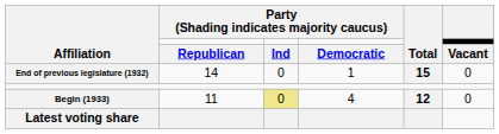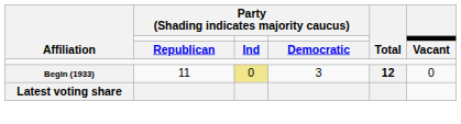 <table class=wikitable style="text-align:center; width:50%">
 <tr style="vertical-align:bottom;">
 <th rowspan=3>Affiliation</th>
 <th colspan=3>Party <div>(Shading indicates majority caucus)</div></th>
 <th rowspan=3>Total</th>
 <th></th>
 </tr>
 <tr style="height:5px">
 <td style="background-color:"></td>
 <td style="background-color:"></td>
 <td style="background-color:"></td>
 <td style="background-color:black"></td>
 </tr>
 <tr>
 <th><a href='#'>Republican</a></th>
 <th><a href='#'>Ind</a></th>
 <th><a href='#'>Democratic</a></th>
 <th>Vacant</th>
 </tr>
 <tr>
-<th nowrap style="font-size:67%">End of previous legislature (1932)</th>
-<td>14</td>
-<td>0</td>
-<td>1</td>
-<th>15</th>
-<td>0</td>
-</tr>
-<tr>
 <td colspan=6></td>
 </tr>
 <tr>
 <th nowrap style="font-size:74%">Begin (1933)</th>
 <td>11</td>
 <td style="background: khaki;">0</td>
-<td>4</td>
+<td>3</td>
 <th>12</th>
 <td>0</td>
 </tr>
 <tr>
 <th>Latest voting share</th>
 <th colspan=1 ></th>
 <th></th>
 <th></th>
 <th colspan=1></th>
 </tr>
 </table>
